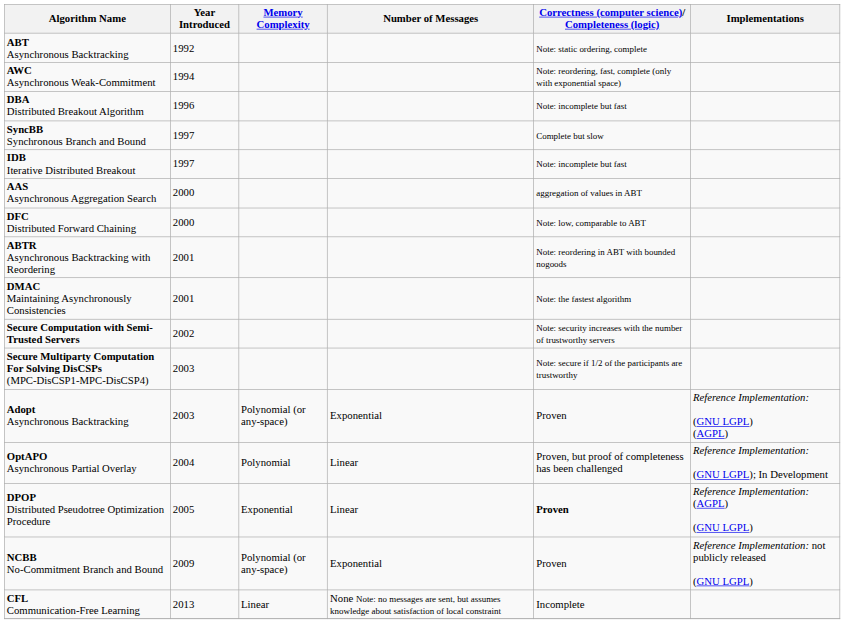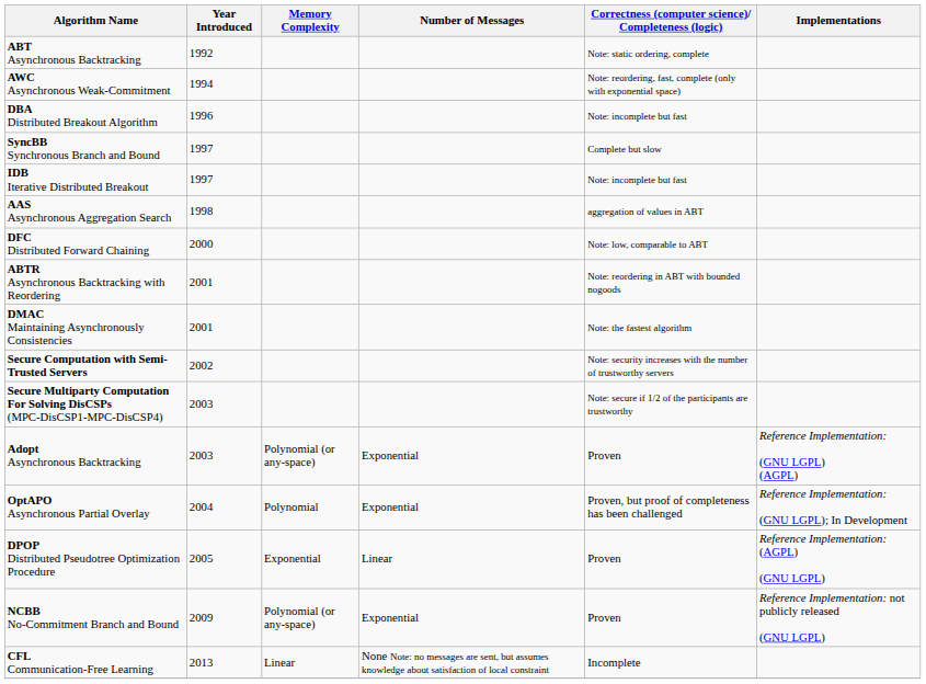 <table class="wikitable">
 <tr>
 <th>Algorithm Name</th>
 <th>Year Introduced</th>
 <th><a href='#'>Memory Complexity</a></th>
 <th>Number of Messages</th>
 <th><a href='#'>Correctness (computer science)</a>/<br><a href='#'>Completeness (logic)</a></th>
 <th>Implementations</th>
 </tr>
 <tr>
 <td><strong>ABT</strong><br>Asynchronous Backtracking</td>
 <td>1992</td>
 <td></td>
 <td></td>
 <td><small>Note: static ordering, complete</small></td>
 <td></td>
 </tr>
 <tr>
 <td><strong>AWC</strong><br>Asynchronous Weak-Commitment</td>
 <td>1994</td>
 <td></td>
 <td></td>
 <td><small>Note: reordering, fast, complete (only with exponential space)</small></td>
 <td></td>
 </tr>
 <tr>
 <td><strong>DBA</strong><br>Distributed Breakout Algorithm</td>
 <td>1996</td>
 <td></td>
 <td></td>
 <td><small>Note: incomplete but fast</small></td>
 <td></td>
 </tr>
 <tr>
 <td><strong>SyncBB</strong><br>Synchronous Branch and Bound</td>
 <td>1997</td>
 <td></td>
 <td></td>
 <td><small>Complete but slow</small></td>
 <td></td>
 </tr>
 <tr>
 <td><strong>IDB</strong><br>Iterative Distributed Breakout</td>
 <td>1997</td>
 <td></td>
 <td></td>
 <td><small>Note: incomplete but fast</small></td>
 <td></td>
 </tr>
 <tr>
 <td><strong>AAS</strong><br>Asynchronous Aggregation Search</td>
-<td>2000</td>
+<td>1998</td>
 <td></td>
 <td></td>
 <td><small>aggregation of values in ABT</small></td>
 <td></td>
 </tr>
 <tr>
 <td><strong>DFC</strong><br>Distributed Forward Chaining</td>
 <td>2000</td>
 <td></td>
 <td></td>
 <td><small>Note: low, comparable to ABT</small></td>
 <td></td>
 </tr>
 <tr>
 <td><strong>ABTR</strong><br>Asynchronous Backtracking with Reordering</td>
 <td>2001</td>
 <td></td>
 <td></td>
 <td><small>Note: reordering in ABT with bounded nogoods</small></td>
 <td></td>
 </tr>
 <tr>
 <td><strong>DMAC</strong><br>Maintaining Asynchronously Consistencies</td>
 <td>2001</td>
 <td></td>
 <td></td>
 <td><small>Note: the fastest algorithm</small></td>
 <td></td>
 </tr>
 <tr>
 <td><strong>Secure Computation with Semi-Trusted Servers</strong></td>
 <td>2002</td>
 <td></td>
 <td></td>
 <td><small>Note: security increases with the number of trustworthy servers</small></td>
 <td></td>
 </tr>
 <tr>
 <td><strong>Secure Multiparty Computation For Solving DisCSPs</strong><br>(MPC-DisCSP1-MPC-DisCSP4)</td>
 <td>2003</td>
 <td></td>
 <td></td>
 <td><small>Note: secure if 1/2 of the participants are trustworthy</small></td>
 <td></td>
 </tr>
 <tr>
 <td><strong>Adopt</strong><br>Asynchronous Backtracking</td>
 <td>2003</td>
 <td>Polynomial (or any-space)</td>
 <td>Exponential</td>
 <td>Proven</td>
 <td><em>Reference Implementation:</em>  <br><br> (<a href='#'>GNU LGPL</a>)<br>  (<a href='#'>AGPL</a>)</td>
 </tr>
 <tr>
 <td><strong>OptAPO</strong><br>Asynchronous Partial Overlay</td>
 <td>2004</td>
 <td>Polynomial</td>
-<td>Linear</td>
+<td>Exponential</td>
 <td>Proven, but proof of completeness has been challenged</td>
 <td><em>Reference Implementation:</em> <br><br> (<a href='#'>GNU LGPL</a>); In Development</td>
 </tr>
 <tr>
 <td><strong>DPOP</strong><br>Distributed Pseudotree Optimization Procedure</td>
 <td>2005</td>
 <td>Exponential</td>
 <td>Linear</td>
-<td><strong>Proven</strong></td>
+<td>Proven</td>
 <td><em>Reference Implementation:</em>  (<a href='#'>AGPL</a>)<br><br> (<a href='#'>GNU LGPL</a>)</td>
 </tr>
 <tr>
 <td><strong>NCBB</strong><br>No-Commitment Branch and Bound</td>
 <td>2009</td>
 <td>Polynomial (or any-space)</td>
 <td>Exponential</td>
 <td>Proven</td>
 <td><em>Reference Implementation:</em> not publicly released<br><br> (<a href='#'>GNU LGPL</a>)</td>
 </tr>
 <tr>
 <td><strong>CFL</strong><br>Communication-Free Learning</td>
 <td>2013</td>
 <td>Linear</td>
 <td>None <small>Note: no messages are sent, but assumes knowledge about satisfaction of local constraint</small></td>
 <td>Incomplete</td>
 <td></td>
 </tr>
 <tr>
 </tr>
 </table>
